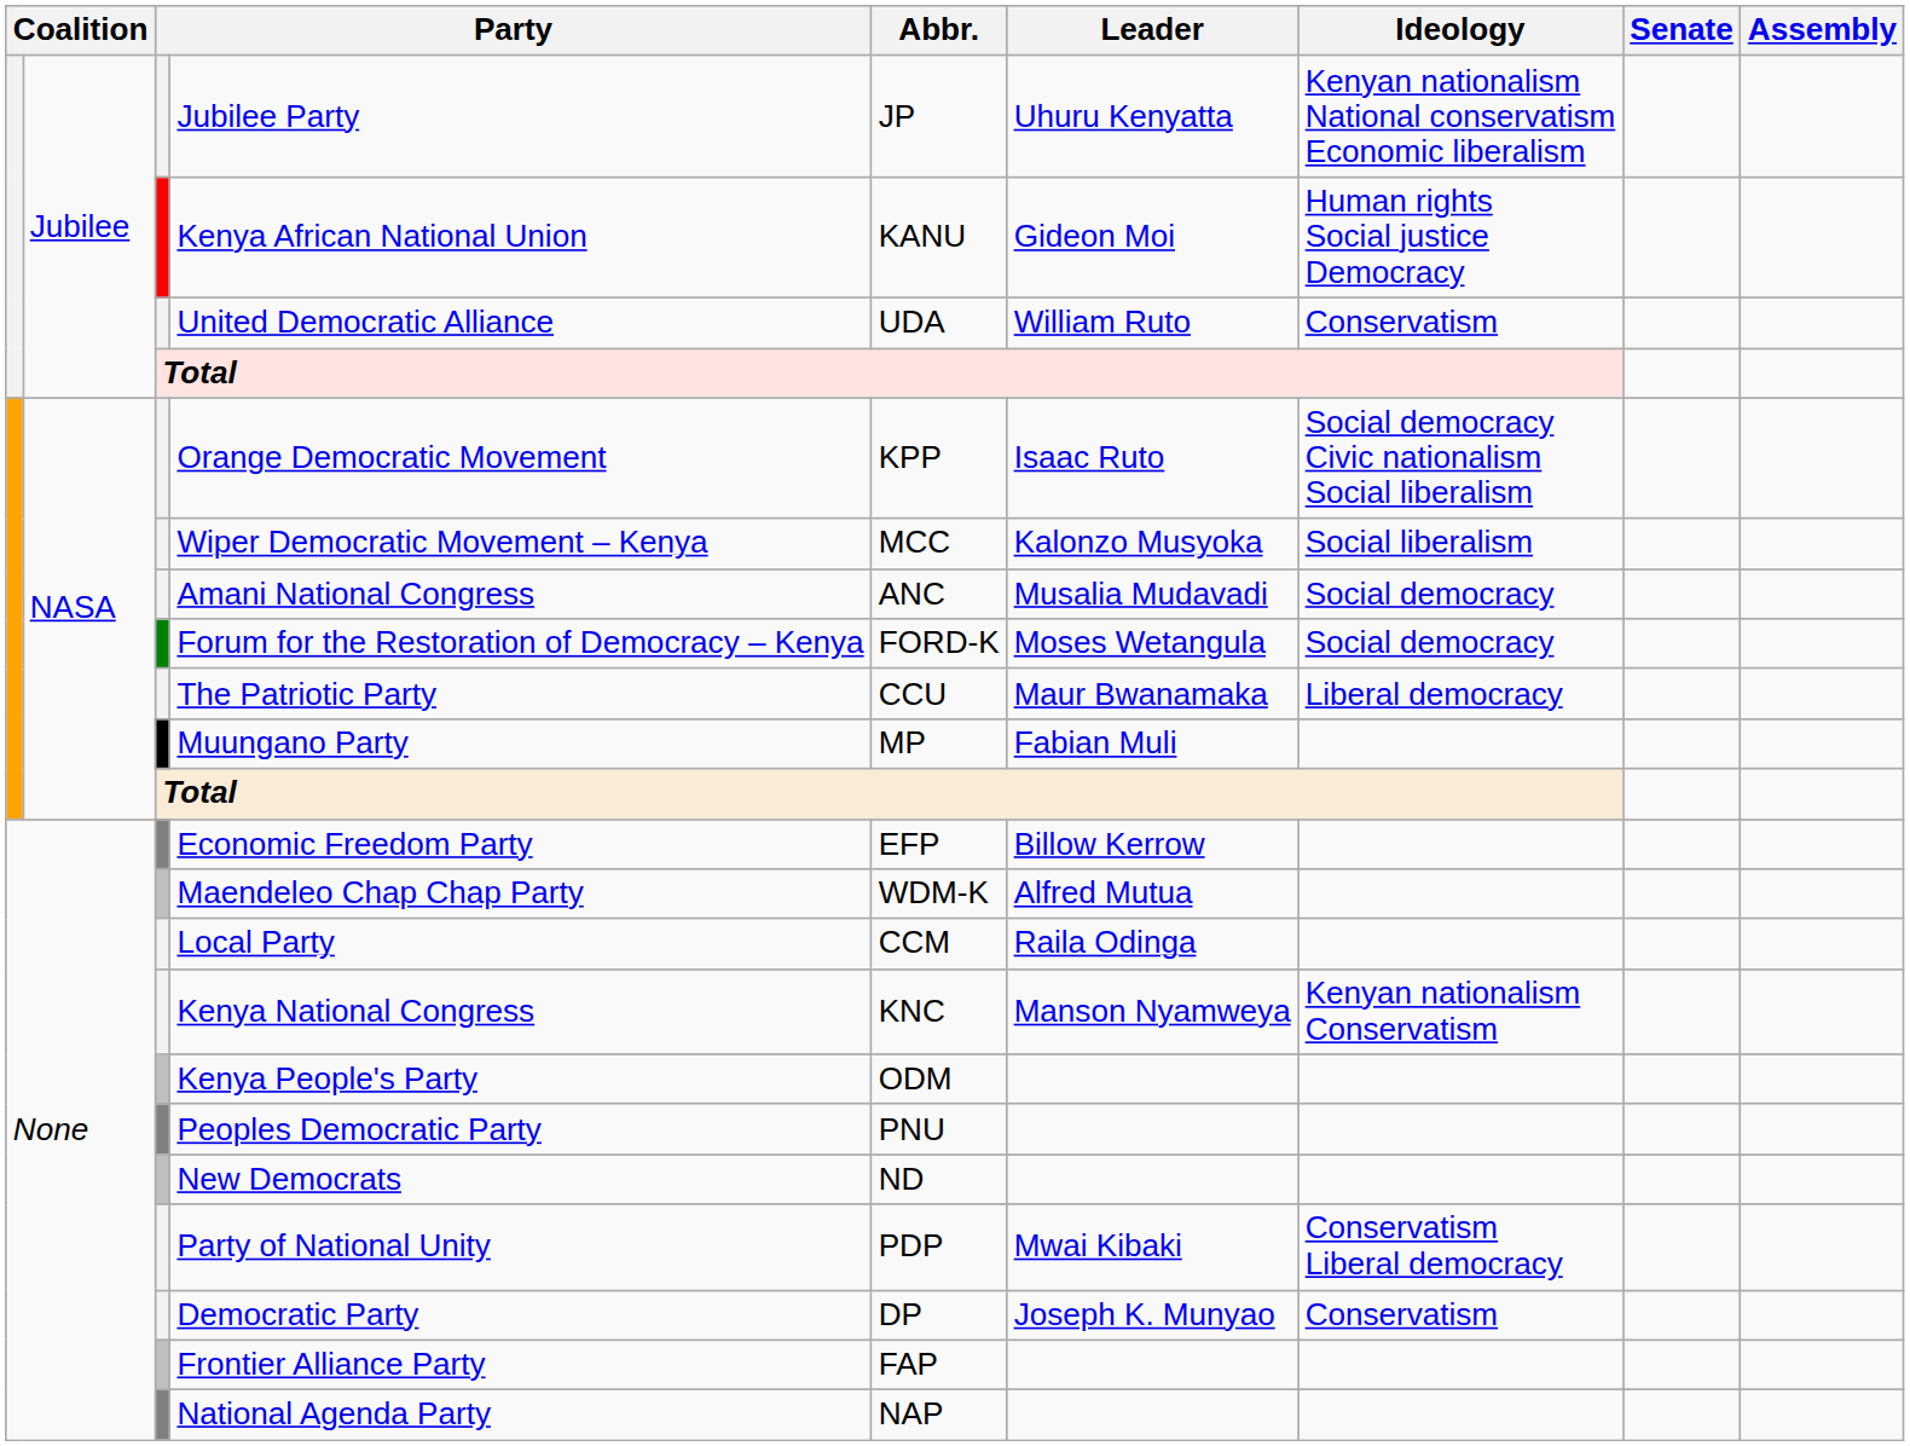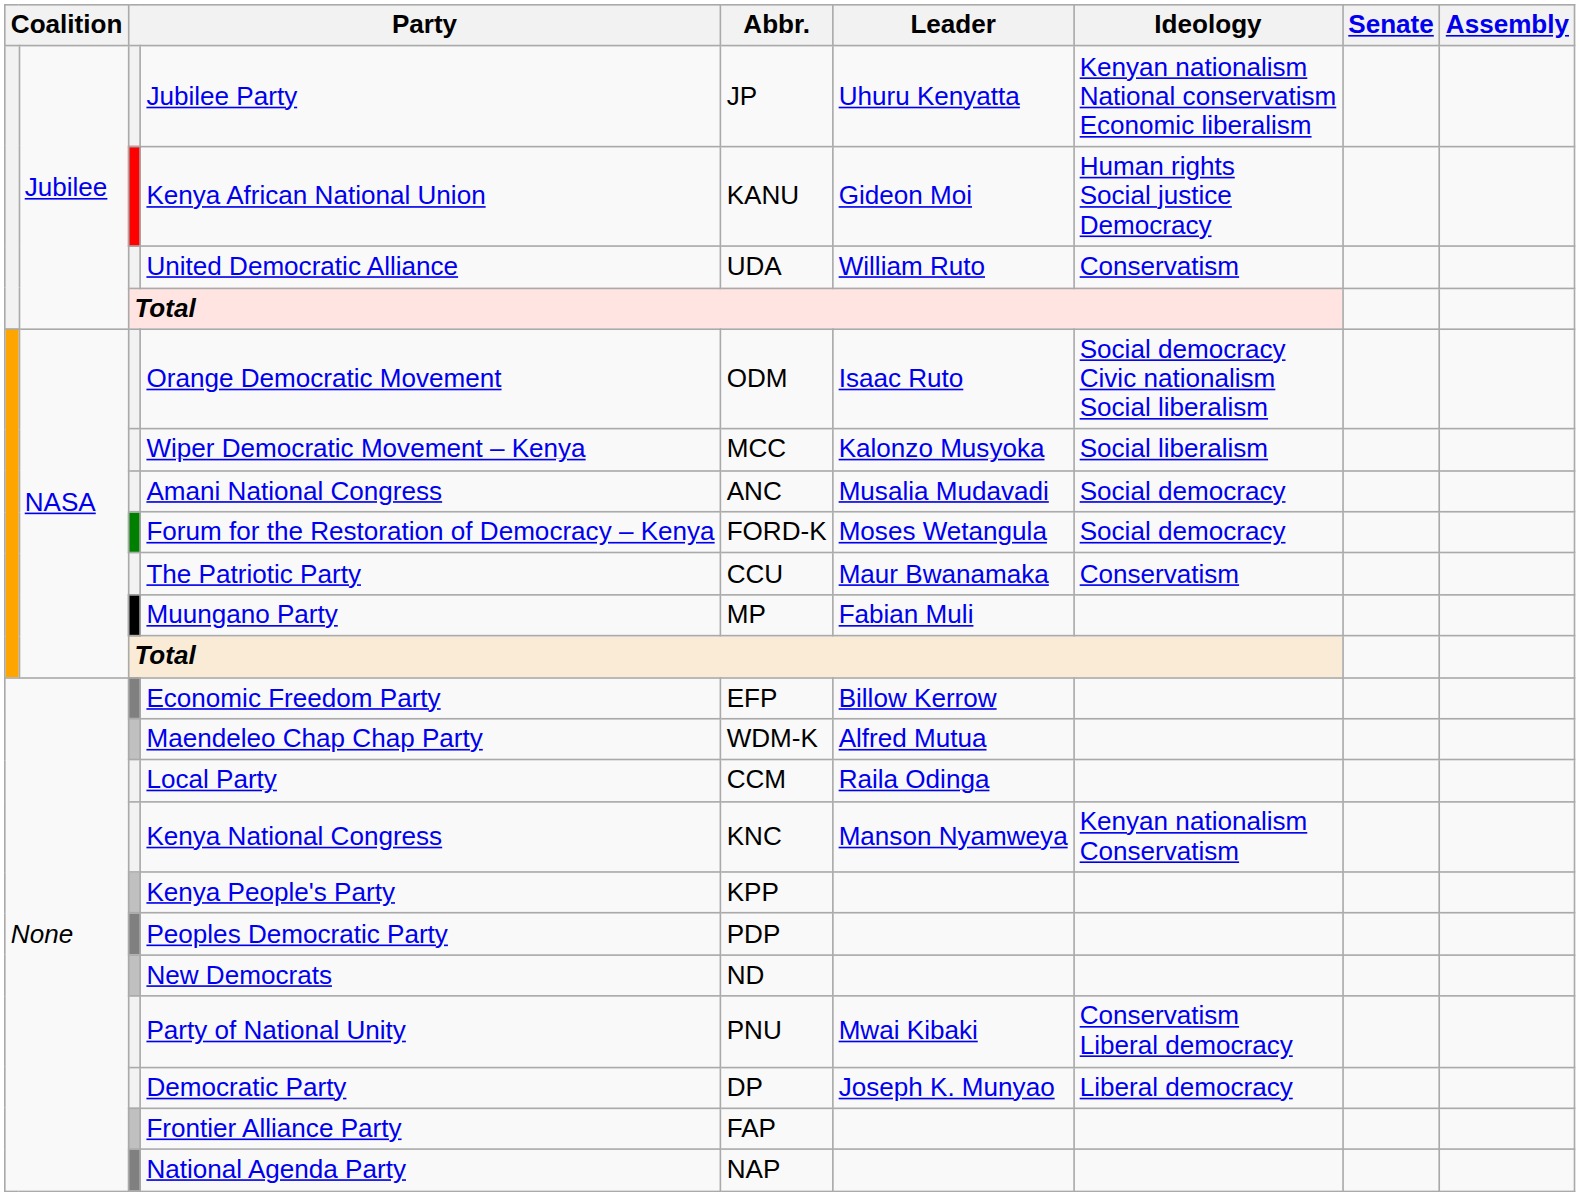 <table class="wikitable">
 <tr>
 <th colspan=2>Coalition</th>
 <th colspan=2>Party</th>
 <th>Abbr.</th>
 <th>Leader</th>
 <th>Ideology</th>
 <th><a href='#'>Senate</a></th>
 <th><a href='#'>Assembly</a></th>
 </tr>
 <tr>
 <th rowspan=4 style="background-color: "></th>
 <td rowspan=4><a href='#'>Jubilee</a></td>
 <th style="background-color: "></th>
 <td><a href='#'>Jubilee Party</a><br><small></small></td>
 <td>JP</td>
 <td><a href='#'>Uhuru Kenyatta</a></td>
 <td><a href='#'>Kenyan nationalism</a><br><a href='#'>National conservatism</a><br><a href='#'>Economic liberalism</a></td>
 <td></td>
 <td></td>
 </tr>
 <tr>
 <th style="background-color: #FF0000"></th>
 <td><a href='#'>Kenya African National Union</a></td>
 <td>KANU</td>
 <td><a href='#'>Gideon Moi</a></td>
 <td><a href='#'>Human rights</a><br><a href='#'>Social justice</a><br><a href='#'>Democracy</a></td>
 <td></td>
 <td></td>
 </tr>
 <tr>
 <th style="background-color:"></th>
 <td><a href='#'>United Democratic Alliance</a></td>
 <td>UDA</td>
 <td><a href='#'>William Ruto</a></td>
 <td><a href='#'>Conservatism</a></td>
 <td></td>
 <td></td>
 </tr>
 <tr>
 <td colspan=5 bgcolor=mistyrose><strong><em>Total</em></strong></td>
 <td><strong></strong></td>
 <td><strong></strong></td>
 </tr>
 <tr>
 <th rowspan=7 style=background-color:#FFA500></th>
 <td rowspan=7><a href='#'>NASA</a></td>
 <th style="background-color:"></th>
 <td><a href='#'>Orange Democratic Movement</a></td>
-<td>KPP</td>
+<td>ODM</td>
 <td><a href='#'>Isaac Ruto</a></td>
 <td><a href='#'>Social democracy</a><br><a href='#'>Civic nationalism</a><br><a href='#'>Social liberalism</a></td>
 <td></td>
 <td></td>
 </tr>
 <tr>
 <th style="background-color:"></th>
 <td><a href='#'>Wiper Democratic Movement – Kenya</a></td>
 <td>MCC</td>
 <td><a href='#'>Kalonzo Musyoka</a></td>
 <td><a href='#'>Social liberalism</a></td>
 <td></td>
 <td></td>
 </tr>
 <tr>
 <th style="background-color:"></th>
 <td><a href='#'>Amani National Congress</a></td>
 <td>ANC</td>
 <td><a href='#'>Musalia Mudavadi</a></td>
 <td><a href='#'>Social democracy</a></td>
 <td></td>
 <td></td>
 </tr>
 <tr>
 <th style="background-color:green"></th>
 <td><a href='#'>Forum for the Restoration of Democracy – Kenya</a></td>
 <td>FORD-K</td>
 <td><a href='#'>Moses Wetangula</a></td>
 <td><a href='#'>Social democracy</a></td>
 <td></td>
 <td></td>
 </tr>
 <tr>
 <th style="background-color:"></th>
 <td><a href='#'>The Patriotic Party</a><br><small></small></td>
 <td>CCU</td>
 <td><a href='#'>Maur Bwanamaka</a></td>
-<td><a href='#'>Liberal democracy</a></td>
+<td><a href='#'>Conservatism</a></td>
 <td></td>
 <td></td>
 </tr>
 <tr>
 <th style="background-color:black"></th>
 <td><a href='#'>Muungano Party</a></td>
 <td>MP</td>
 <td><a href='#'>Fabian Muli</a></td>
 <td></td>
 <td></td>
 <td></td>
 </tr>
 <tr>
 <td colspan=5 bgcolor=antiquewhite><strong><em>Total</em></strong></td>
 <td><strong></strong></td>
 <td><strong></strong></td>
 </tr>
 <tr>
 <td colspan=2 rowspan=11><em>None</em></td>
 <th style="background-color:gray"></th>
 <td><a href='#'>Economic Freedom Party</a></td>
 <td>EFP</td>
 <td><a href='#'>Billow Kerrow</a></td>
 <td></td>
 <td></td>
 <td></td>
 </tr>
 <tr>
 <th style="background-color:silver"></th>
 <td><a href='#'>Maendeleo Chap Chap Party</a></td>
 <td>WDM-K</td>
 <td><a href='#'>Alfred Mutua</a></td>
 <td></td>
 <td></td>
 <td></td>
 </tr>
 <tr>
 <th style="background-color:"></th>
 <td><a href='#'>Local Party</a><br><small></small></td>
 <td>CCM</td>
 <td><a href='#'>Raila Odinga</a></td>
 <td></td>
 <td></td>
 <td></td>
 </tr>
 <tr>
 <th style="background-color:"></th>
 <td><a href='#'>Kenya National Congress</a></td>
 <td>KNC</td>
 <td><a href='#'>Manson Nyamweya</a></td>
 <td><a href='#'>Kenyan nationalism</a><br><a href='#'>Conservatism</a></td>
 <td></td>
 <td></td>
 </tr>
 <tr>
 <th style="background-color:silver"></th>
 <td><a href='#'>Kenya People's Party</a></td>
-<td>ODM</td>
+<td>KPP</td>
 <td></td>
 <td></td>
 <td></td>
 <td></td>
 </tr>
 <tr>
 <th style="background-color:gray"></th>
 <td><a href='#'>Peoples Democratic Party</a></td>
-<td>PNU</td>
+<td>PDP</td>
 <td></td>
 <td></td>
 <td></td>
 <td></td>
 </tr>
 <tr>
 <th style="background-color:silver"></th>
 <td><a href='#'>New Democrats</a></td>
 <td>ND</td>
 <td></td>
 <td></td>
 <td></td>
 <td></td>
 </tr>
 <tr>
 <th style="background-color:"></th>
 <td><a href='#'>Party of National Unity</a><br><small></small></td>
-<td>PDP</td>
+<td>PNU</td>
 <td><a href='#'>Mwai Kibaki</a></td>
 <td><a href='#'>Conservatism</a><br><a href='#'>Liberal democracy</a></td>
 <td></td>
 <td></td>
 </tr>
 <tr>
 <th style="background-color:"></th>
 <td><a href='#'>Democratic Party</a><br><small></small></td>
 <td>DP</td>
 <td><a href='#'>Joseph K. Munyao</a></td>
-<td><a href='#'>Conservatism</a></td>
+<td><a href='#'>Liberal democracy</a></td>
 <td></td>
 <td></td>
 </tr>
 <tr>
 <th style="background-color:silver"></th>
 <td><a href='#'>Frontier Alliance Party</a></td>
 <td>FAP</td>
 <td></td>
 <td></td>
 <td></td>
 <td></td>
 </tr>
 <tr>
 <th style="background-color:gray"></th>
 <td><a href='#'>National Agenda Party</a></td>
 <td>NAP</td>
 <td></td>
 <td></td>
 <td></td>
 <td></td>
 </tr>
 </table>
